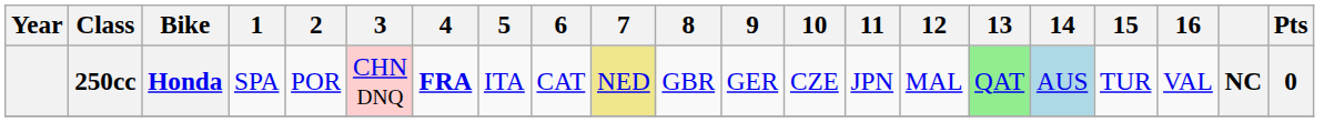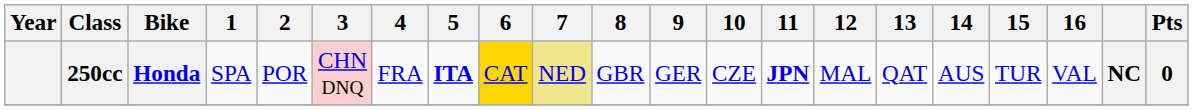 <table class="wikitable" style="text-align:center">
 <tr>
 <th>Year</th>
 <th>Class</th>
 <th>Bike</th>
 <th>1</th>
 <th>2</th>
 <th>3</th>
 <th>4</th>
 <th>5</th>
 <th>6</th>
 <th>7</th>
 <th>8</th>
 <th>9</th>
 <th>10</th>
 <th>11</th>
 <th>12</th>
 <th>13</th>
 <th>14</th>
 <th>15</th>
 <th>16</th>
 <th></th>
 <th>Pts</th>
 </tr>
 <tr>
 <th align="left"></th>
 <th align="left">250cc</th>
 <th align="left"><a href='#'>Honda</a></th>
 <td><a href='#'>SPA</a></td>
 <td><a href='#'>POR</a></td>
 <td style="background:#ffcfcf;"><a href='#'>CHN</a><br><small>DNQ</small></td>
-<td><strong><a href='#'>FRA</a></strong></td>
-<td><a href='#'>ITA</a></td>
-<td><a href='#'>CAT</a></td>
+<td><a href='#'>FRA</a></td>
+<td><strong><a href='#'>ITA</a></strong></td>
+<td style="background: gold;"><a href='#'>CAT</a></td>
 <td style="background: khaki;"><a href='#'>NED</a></td>
 <td><a href='#'>GBR</a></td>
 <td><a href='#'>GER</a></td>
 <td><a href='#'>CZE</a></td>
-<td><a href='#'>JPN</a></td>
+<td><strong><a href='#'>JPN</a></strong></td>
 <td><a href='#'>MAL</a></td>
-<td style="background: lightgreen;"><a href='#'>QAT</a></td>
-<td style="background: lightblue;"><a href='#'>AUS</a></td>
+<td><a href='#'>QAT</a></td>
+<td><a href='#'>AUS</a></td>
 <td><a href='#'>TUR</a></td>
 <td><a href='#'>VAL</a></td>
 <th>NC</th>
 <th>0</th>
 </tr>
 <tr>
 </tr>
 </table>
